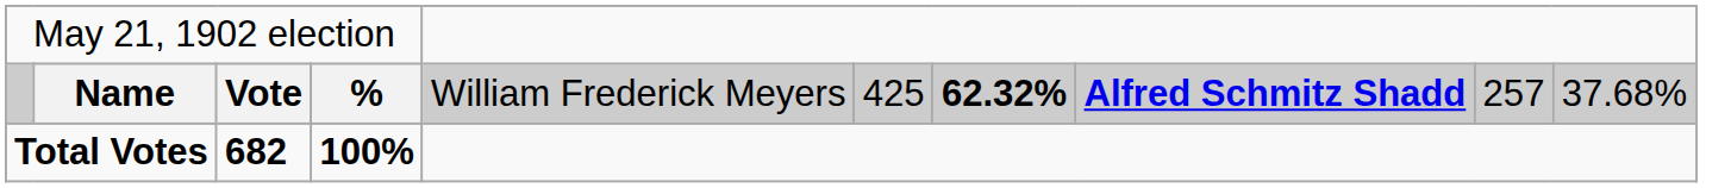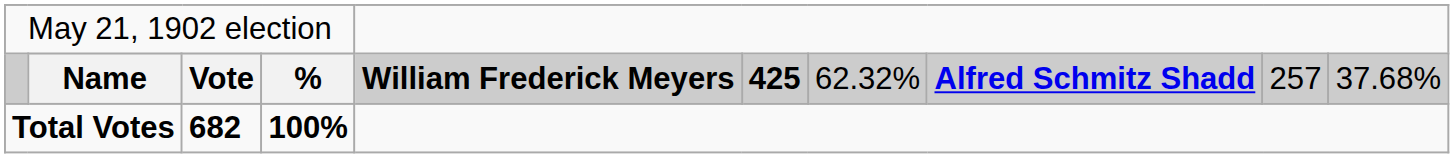 <table class="wikitable">
 <tr>
 <td colspan=4 align=center>May 21, 1902 election</td>
 </tr>
 <tr bgcolor="CCCCCC">
 <td></td>
 <th><strong>Name </strong></th>
 <th><strong>Vote</strong></th>
 <th><strong>%</strong><br></th>
-<td>William Frederick Meyers</td>
-<td>425</td>
-<td><strong>62.32%<br></strong></td>
+<td><strong>William Frederick Meyers</strong></td>
+<td><strong>425</strong></td>
+<td>62.32%<br></td>
 <td><strong><a href='#'>Alfred Schmitz Shadd</a></strong></td>
 <td>257</td>
 <td>37.68%</td>
 </tr>
 <tr>
 <td colspan=2><strong>Total Votes</strong></td>
 <td><strong>682</strong></td>
 <td><strong>100%</strong></td>
 </tr>
 </table>
